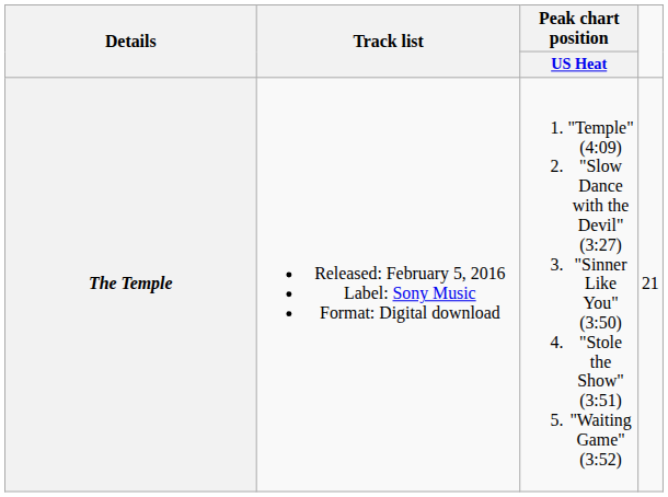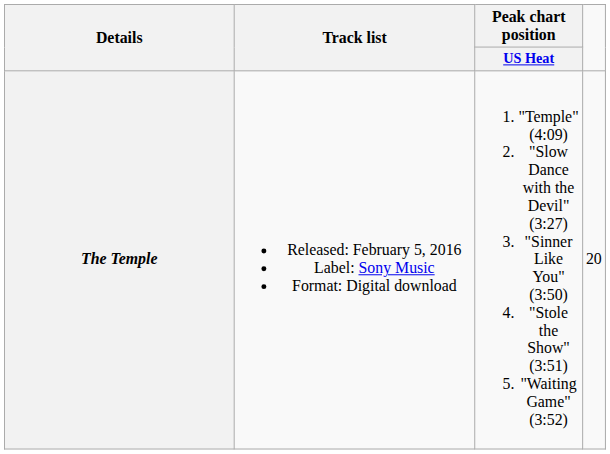 <table class="wikitable plainrowheaders" style="text-align:center;"! scope="col" rowspan="2" style="width:17em;"| Title>
 <tr>
 <th scope="col" rowspan="2" style="width:17em;">Details</th>
 <th scope="col" rowspan="2" style="width:17em;">Track list</th>
 <th colspan="1">Peak chart position</th>
 </tr>
 <tr>
 <th scope="col" style="width:4em;font-size:90%;"><a href='#'>US Heat</a><br></th>
 </tr>
 <tr>
 <th scope="row"><em>The Temple</em></th>
 <td><br><ul><li>Released: February 5, 2016</li><li>Label: <a href='#'>Sony Music</a></li><li>Format: Digital download</li></ul></td>
 <td><br><ol><li>"Temple" (4:09)</li><li>"Slow Dance with the Devil" (3:27)</li><li>"Sinner Like You" (3:50)</li><li>"Stole the Show" (3:51)</li><li>"Waiting Game" (3:52)</li></ol></td>
-<td align="center">21</td>
+<td align="center">20</td>
 </tr>
 </table>
